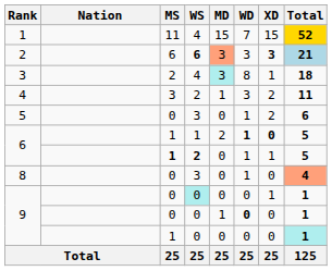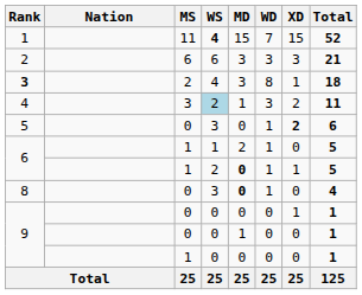 <table class="wikitable" style="text-align:center">
 <tr>
 <th width="20">Rank</th>
 <th width="120">Nation</th>
 <th width="20">MS</th>
 <th width="20">WS</th>
 <th width="20">MD</th>
 <th width="20">WD</th>
 <th width="20">XD</th>
 <th>Total</th>
 </tr>
 <tr align="center">
 <td>1</td>
 <td align="left"><strong></strong></td>
 <td>11</td>
-<td>4</td>
+<td><strong>4</strong></td>
 <td>15</td>
 <td>7</td>
 <td>15</td>
-<td style="background: gold;"><strong>52</strong></td>
+<td><strong>52</strong></td>
 </tr>
 <tr align="center">
 <td>2</td>
 <td align="left"></td>
 <td>6</td>
-<td><strong>6</strong></td>
-<td style="background: lightsalmon;">3</td>
+<td>6</td>
 <td>3</td>
-<td><strong>3</strong></td>
-<td style="background: lightblue;"><strong>21</strong></td>
+<td>3</td>
+<td>3</td>
+<td><strong>21</strong></td>
 </tr>
 <tr align="center">
-<td>3</td>
+<td><strong>3</strong></td>
 <td align="left"></td>
 <td>2</td>
 <td>4</td>
-<td style="background: paleturquoise;">3</td>
+<td>3</td>
 <td>8</td>
 <td>1</td>
 <td><strong>18</strong></td>
 </tr>
 <tr align="center">
 <td>4</td>
 <td align="left"></td>
 <td>3</td>
-<td>2</td>
+<td style="background: lightblue;">2</td>
 <td>1</td>
 <td>3</td>
 <td>2</td>
 <td><strong>11</strong></td>
 </tr>
 <tr align="center">
 <td>5</td>
 <td align="left"></td>
 <td>0</td>
 <td>3</td>
 <td>0</td>
 <td>1</td>
-<td>2</td>
+<td><strong>2</strong></td>
 <td><strong>6</strong></td>
 </tr>
 <tr align="center">
 <td rowspan=2>6</td>
 <td align="left"></td>
 <td>1</td>
 <td>1</td>
 <td>2</td>
-<td><strong>1</strong></td>
-<td><strong>0</strong></td>
+<td>1</td>
+<td>0</td>
 <td><strong>5</strong></td>
 </tr>
 <tr align="center">
 <td align="left"></td>
-<td><strong>1</strong></td>
-<td><strong>2</strong></td>
-<td>0</td>
+<td>1</td>
+<td>2</td>
+<td><strong>0</strong></td>
 <td>1</td>
 <td>1</td>
 <td><strong>5</strong></td>
 </tr>
 <tr align="center">
 <td>8</td>
 <td align="left"></td>
 <td>0</td>
 <td>3</td>
-<td>0</td>
+<td><strong>0</strong></td>
 <td>1</td>
 <td>0</td>
-<td style="background: lightsalmon;"><strong>4</strong></td>
+<td><strong>4</strong></td>
 </tr>
 <tr align="center">
 <td rowspan=3>9</td>
 <td align="left"></td>
 <td>0</td>
-<td style="background: paleturquoise;">0</td>
+<td>0</td>
 <td>0</td>
 <td>0</td>
 <td>1</td>
 <td><strong>1</strong></td>
 </tr>
 <tr align="center">
 <td align="left"></td>
 <td>0</td>
 <td>0</td>
 <td>1</td>
-<td><strong>0</strong></td>
+<td>0</td>
 <td>0</td>
 <td><strong>1</strong></td>
 </tr>
 <tr align="center">
 <td align="left"></td>
 <td>1</td>
 <td>0</td>
 <td>0</td>
 <td>0</td>
 <td>0</td>
-<td style="background: paleturquoise;"><strong>1</strong></td>
+<td><strong>1</strong></td>
 </tr>
 <tr>
 <th colspan="2">Total</th>
 <th><strong>25</strong></th>
 <th><strong>25</strong></th>
 <th><strong>25</strong></th>
 <th><strong>25</strong></th>
 <th><strong>25</strong></th>
 <th><strong>125</strong></th>
 </tr>
 </table>
